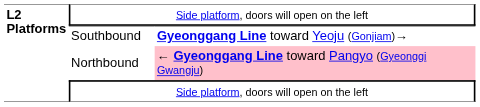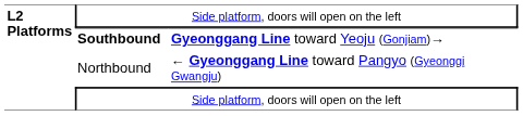 <table table border=0 cellspacing=0 cellpadding=3>
 <tr>
 <td style="border-top:solid 1px gray;border-bottom:solid 1px gray;" width=50 rowspan=10 valign=top><strong>L2<br>Platforms</strong></td>
 <td style="border-top:solid 1px gray;border-right:solid 2px black;border-left:solid 2px black;border-bottom:solid 2px black;text-align:center;" colspan=2><small><a href='#'>Side platform</a>, doors will open on the left</small></td>
 </tr>
 <tr>
-<td style="border-bottom:solid 0px gray;border-top:solid 1px gray;" width=100>Southbound</td>
+<td style="border-bottom:solid 0px gray;border-top:solid 1px gray;" width=100><strong>Southbound</strong></td>
 <td style="border-bottom:solid 0px gray;border-top:solid 1px gray;" width=390> <a href='#'><span><strong>Gyeonggang Line</strong></span></a> toward <a href='#'>Yeoju</a> <small>(<a href='#'>Gonjiam</a>)</small>→</td>
 </tr>
 <tr>
 <td>Northbound</td>
-<td style="background: pink;">← <a href='#'><span><strong>Gyeonggang Line</strong></span></a> toward <a href='#'>Pangyo</a> <small>(<a href='#'>Gyeonggi Gwangju</a>)</small></td>
+<td>← <a href='#'><span><strong>Gyeonggang Line</strong></span></a> toward <a href='#'>Pangyo</a> <small>(<a href='#'>Gyeonggi Gwangju</a>)</small></td>
 </tr>
 <tr>
 <td style="border-top:solid 2px black;border-right:solid 2px black;border-left:solid 2px black;border-bottom:solid 1px gray;text-align:center;" colspan=2><small><a href='#'>Side platform</a>, doors will open on the left</small></td>
 </tr>
 </table>
